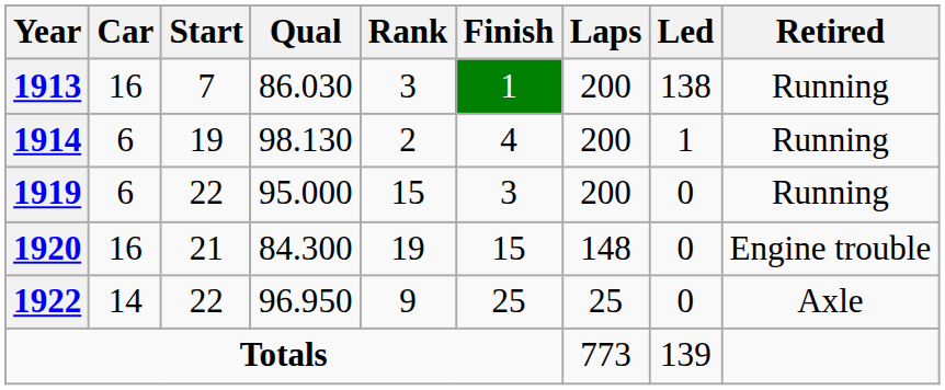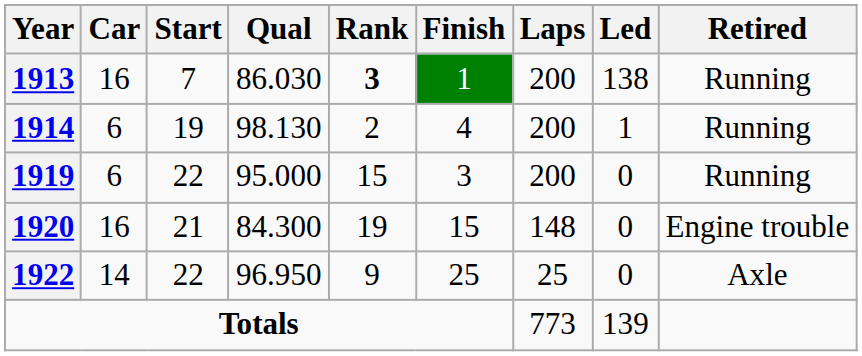 <table class="wikitable" style="text-align:center">
 <tr>
 <th>Year</th>
 <th>Car</th>
 <th>Start</th>
 <th>Qual</th>
 <th>Rank</th>
 <th>Finish</th>
 <th>Laps</th>
 <th>Led</th>
 <th>Retired</th>
 </tr>
 <tr>
 <th><a href='#'>1913</a></th>
 <td>16</td>
 <td>7</td>
 <td>86.030</td>
-<td>3</td>
+<td><strong>3</strong></td>
 <td style="background:green;color:white">1</td>
 <td>200</td>
 <td>138</td>
 <td>Running</td>
 </tr>
 <tr>
 <th><a href='#'>1914</a></th>
 <td>6</td>
 <td>19</td>
 <td>98.130</td>
 <td>2</td>
 <td>4</td>
 <td>200</td>
 <td>1</td>
 <td>Running</td>
 </tr>
 <tr>
 <th><a href='#'>1919</a></th>
 <td>6</td>
 <td>22</td>
 <td>95.000</td>
 <td>15</td>
 <td>3</td>
 <td>200</td>
 <td>0</td>
 <td>Running</td>
 </tr>
 <tr>
 <th><a href='#'>1920</a></th>
 <td>16</td>
 <td>21</td>
 <td>84.300</td>
 <td>19</td>
 <td>15</td>
 <td>148</td>
 <td>0</td>
 <td>Engine trouble</td>
 </tr>
 <tr>
 <th><a href='#'>1922</a></th>
 <td>14</td>
 <td>22</td>
 <td>96.950</td>
 <td>9</td>
 <td>25</td>
 <td>25</td>
 <td>0</td>
 <td>Axle</td>
 </tr>
 <tr>
 <td colspan=6><strong>Totals</strong></td>
 <td>773</td>
 <td>139</td>
 <td></td>
 </tr>
 </table>
